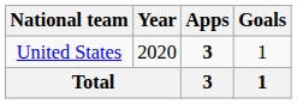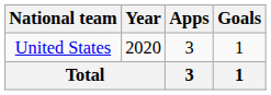 <table class="wikitable" style="text-align:center">
 <tr>
 <th>National team</th>
 <th>Year</th>
 <th>Apps</th>
 <th>Goals</th>
 </tr>
 <tr>
 <td><a href='#'>United States</a></td>
 <td>2020</td>
-<td><strong>3</strong></td>
+<td>3</td>
 <td>1</td>
 </tr>
 <tr>
 <th colspan="2">Total</th>
 <th>3</th>
 <th>1</th>
 </tr>
 </table>
